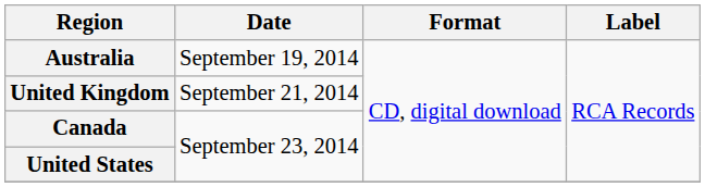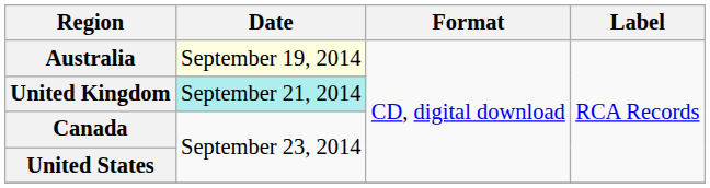 <table class="wikitable plainrowheaders">
 <tr>
 <th scope="col">Region</th>
 <th scope="col">Date</th>
 <th scope="col">Format</th>
 <th scope="col">Label</th>
 </tr>
 <tr>
 <th scope="row">Australia</th>
-<td>September 19, 2014</td>
+<td style="background: lightyellow;">September 19, 2014</td>
 <td rowspan="4"><a href='#'>CD</a>, <a href='#'>digital download</a></td>
 <td rowspan="4"><a href='#'>RCA Records</a></td>
 </tr>
 <tr>
 <th scope="row">United Kingdom</th>
-<td>September 21, 2014</td>
+<td style="background: paleturquoise;">September 21, 2014</td>
 </tr>
 <tr>
 <th scope="row">Canada</th>
 <td rowspan="2">September 23, 2014</td>
 </tr>
 <tr>
 <th scope="row">United States</th>
 </tr>
 <tr>
 </tr>
 </table>
